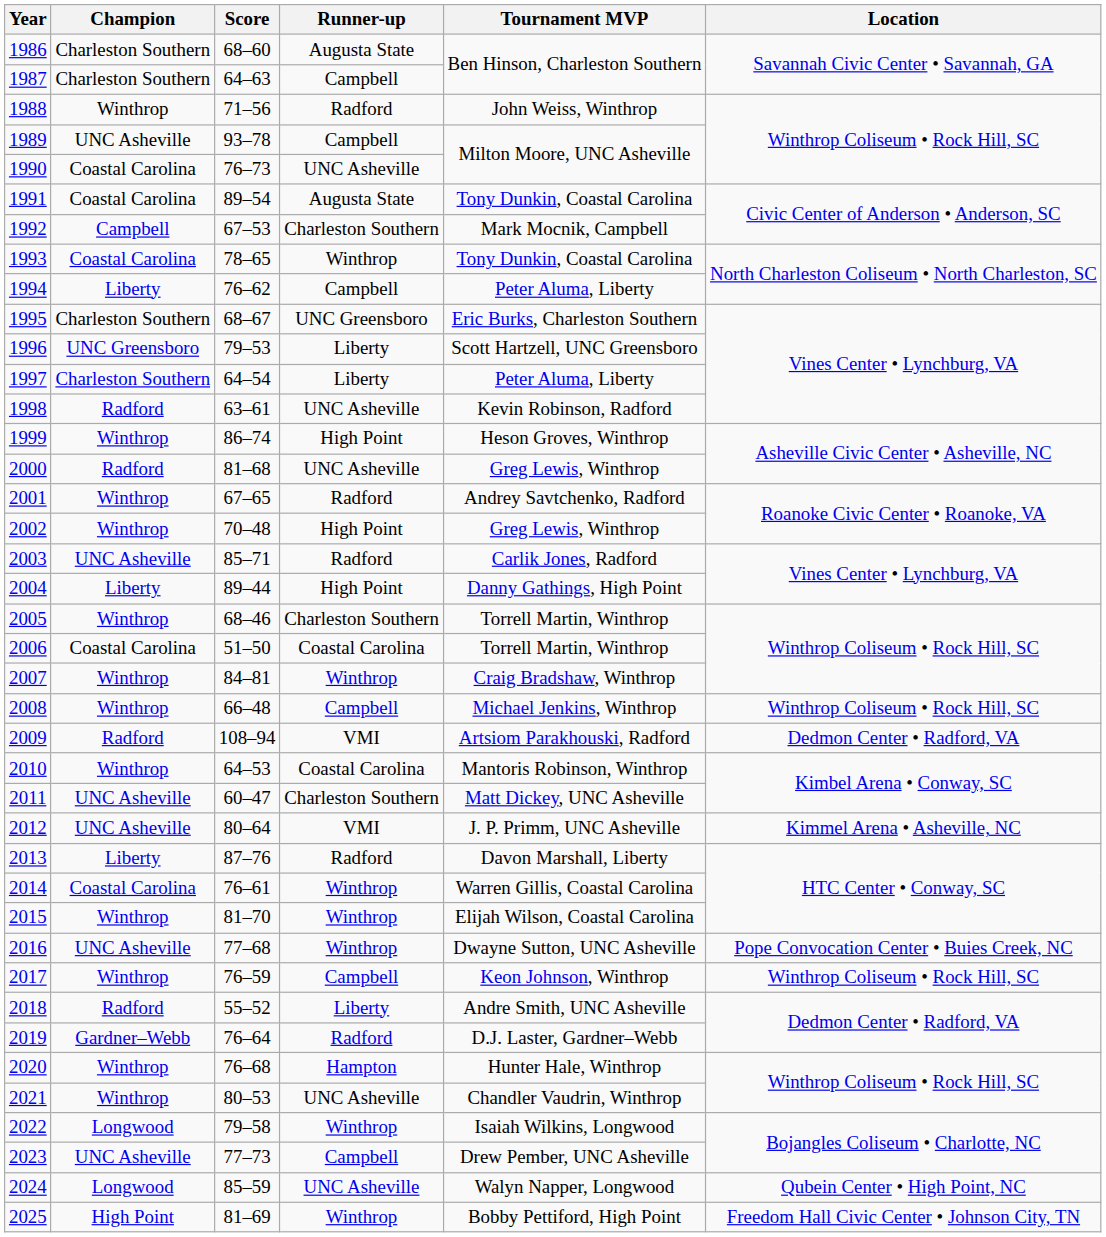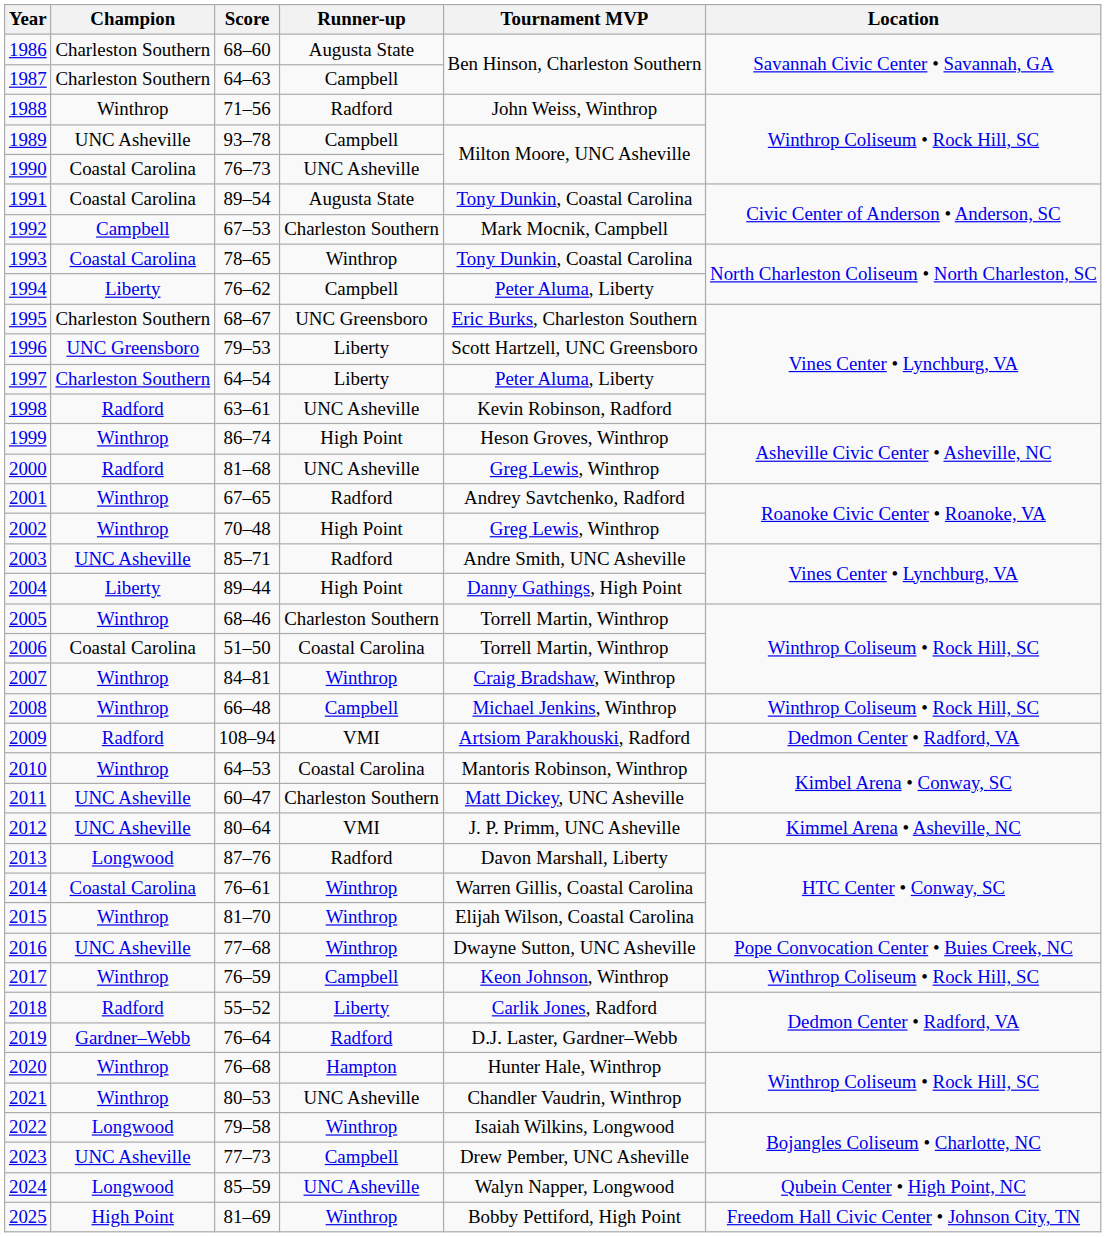 <table class="wikitable sortable" style="text-align:center">
 <tr>
 <th width=px>Year</th>
 <th width=px>Champion</th>
 <th width=px>Score</th>
 <th width=px>Runner-up</th>
 <th width=px>Tournament MVP</th>
 <th width=px>Location</th>
 </tr>
 <tr>
 <td><a href='#'>1986</a></td>
 <td>Charleston Southern</td>
 <td>68–60</td>
 <td>Augusta State</td>
 <td rowspan=2>Ben Hinson, Charleston Southern</td>
 <td rowspan=2><a href='#'>Savannah Civic Center</a> • <a href='#'>Savannah, GA</a></td>
 </tr>
 <tr>
 <td><a href='#'>1987</a></td>
 <td>Charleston Southern</td>
 <td>64–63</td>
 <td>Campbell</td>
 </tr>
 <tr>
 <td><a href='#'>1988</a></td>
 <td>Winthrop</td>
 <td>71–56</td>
 <td>Radford</td>
 <td>John Weiss, Winthrop</td>
 <td rowspan=3><a href='#'>Winthrop Coliseum</a> • <a href='#'>Rock Hill, SC</a></td>
 </tr>
 <tr>
 <td><a href='#'>1989</a></td>
 <td>UNC Asheville</td>
 <td>93–78</td>
 <td>Campbell</td>
 <td rowspan=2>Milton Moore, UNC Asheville</td>
 </tr>
 <tr>
 <td><a href='#'>1990</a></td>
 <td>Coastal Carolina</td>
 <td>76–73</td>
 <td>UNC Asheville</td>
 </tr>
 <tr>
 <td><a href='#'>1991</a></td>
 <td>Coastal Carolina</td>
 <td>89–54</td>
 <td>Augusta State</td>
 <td><a href='#'>Tony Dunkin</a>, Coastal Carolina</td>
 <td rowspan=2><a href='#'>Civic Center of Anderson</a> • <a href='#'>Anderson, SC</a></td>
 </tr>
 <tr>
 <td><a href='#'>1992</a></td>
 <td><a href='#'>Campbell</a></td>
 <td>67–53</td>
 <td>Charleston Southern</td>
 <td>Mark Mocnik, Campbell</td>
 </tr>
 <tr>
 <td><a href='#'>1993</a></td>
 <td><a href='#'>Coastal Carolina</a></td>
 <td>78–65</td>
 <td>Winthrop</td>
 <td><a href='#'>Tony Dunkin</a>, Coastal Carolina</td>
 <td rowspan=2><a href='#'>North Charleston Coliseum</a> • <a href='#'>North Charleston, SC</a></td>
 </tr>
 <tr>
 <td><a href='#'>1994</a></td>
 <td><a href='#'>Liberty</a></td>
 <td>76–62</td>
 <td>Campbell</td>
 <td><a href='#'>Peter Aluma</a>, Liberty</td>
 </tr>
 <tr>
 <td><a href='#'>1995</a></td>
 <td>Charleston Southern</td>
 <td>68–67</td>
 <td>UNC Greensboro</td>
 <td><a href='#'>Eric Burks</a>, Charleston Southern</td>
 <td rowspan=4><a href='#'>Vines Center</a> • <a href='#'>Lynchburg, VA</a></td>
 </tr>
 <tr>
 <td><a href='#'>1996</a></td>
 <td><a href='#'>UNC Greensboro</a></td>
 <td>79–53</td>
 <td>Liberty</td>
 <td>Scott Hartzell, UNC Greensboro</td>
 </tr>
 <tr>
 <td><a href='#'>1997</a></td>
 <td><a href='#'>Charleston Southern</a></td>
 <td>64–54</td>
 <td>Liberty</td>
 <td><a href='#'>Peter Aluma</a>, Liberty</td>
 </tr>
 <tr>
 <td><a href='#'>1998</a></td>
 <td><a href='#'>Radford</a></td>
 <td>63–61</td>
 <td>UNC Asheville</td>
 <td>Kevin Robinson, Radford</td>
 </tr>
 <tr>
 <td><a href='#'>1999</a></td>
 <td><a href='#'>Winthrop</a></td>
 <td>86–74</td>
 <td>High Point</td>
 <td>Heson Groves, Winthrop</td>
 <td rowspan=2><a href='#'>Asheville Civic Center</a> • <a href='#'>Asheville, NC</a></td>
 </tr>
 <tr>
 <td><a href='#'>2000</a></td>
 <td><a href='#'>Radford</a></td>
 <td>81–68</td>
 <td>UNC Asheville</td>
 <td><a href='#'>Greg Lewis</a>, Winthrop</td>
 </tr>
 <tr>
 <td><a href='#'>2001</a></td>
 <td><a href='#'>Winthrop</a></td>
 <td>67–65</td>
 <td>Radford</td>
 <td>Andrey Savtchenko, Radford</td>
 <td rowspan=2><a href='#'>Roanoke Civic Center</a> • <a href='#'>Roanoke, VA</a></td>
 </tr>
 <tr>
 <td><a href='#'>2002</a></td>
 <td><a href='#'>Winthrop</a></td>
 <td>70–48</td>
 <td>High Point</td>
 <td><a href='#'>Greg Lewis</a>, Winthrop</td>
 </tr>
 <tr>
 <td><a href='#'>2003</a></td>
 <td><a href='#'>UNC Asheville</a></td>
 <td>85–71</td>
 <td>Radford</td>
-<td><a href='#'>Carlik Jones</a>, Radford</td>
+<td>Andre Smith, UNC Asheville</td>
 <td rowspan=2><a href='#'>Vines Center</a> • <a href='#'>Lynchburg, VA</a></td>
 </tr>
 <tr>
 <td><a href='#'>2004</a></td>
 <td><a href='#'>Liberty</a></td>
 <td>89–44</td>
 <td>High Point</td>
 <td><a href='#'>Danny Gathings</a>, High Point</td>
 </tr>
 <tr>
 <td><a href='#'>2005</a></td>
 <td><a href='#'>Winthrop</a></td>
 <td>68–46</td>
 <td>Charleston Southern</td>
 <td>Torrell Martin, Winthrop</td>
 <td rowspan=3><a href='#'>Winthrop Coliseum</a> • <a href='#'>Rock Hill, SC</a></td>
 </tr>
 <tr>
 <td><a href='#'>2006</a></td>
 <td>Coastal Carolina</td>
 <td>51–50</td>
 <td>Coastal Carolina</td>
 <td>Torrell Martin, Winthrop</td>
 </tr>
 <tr>
 <td><a href='#'>2007</a></td>
 <td><a href='#'>Winthrop</a></td>
 <td>84–81</td>
 <td><a href='#'>Winthrop</a></td>
 <td><a href='#'>Craig Bradshaw</a>, Winthrop</td>
 </tr>
 <tr>
 <td><a href='#'>2008</a></td>
 <td><a href='#'>Winthrop</a></td>
 <td>66–48</td>
 <td><a href='#'>Campbell</a></td>
 <td><a href='#'>Michael Jenkins</a>, Winthrop</td>
 <td><a href='#'>Winthrop Coliseum</a> • <a href='#'>Rock Hill, SC</a></td>
 </tr>
 <tr>
 <td><a href='#'>2009</a></td>
 <td><a href='#'>Radford</a></td>
 <td>108–94</td>
 <td>VMI</td>
 <td><a href='#'>Artsiom Parakhouski</a>, Radford</td>
 <td><a href='#'>Dedmon Center</a> • <a href='#'>Radford, VA</a></td>
 </tr>
 <tr>
 <td><a href='#'>2010</a></td>
 <td><a href='#'>Winthrop</a></td>
 <td>64–53</td>
 <td>Coastal Carolina</td>
 <td>Mantoris Robinson, Winthrop</td>
 <td rowspan=2><a href='#'>Kimbel Arena</a> • <a href='#'>Conway, SC</a></td>
 </tr>
 <tr>
 <td><a href='#'>2011</a></td>
 <td><a href='#'>UNC Asheville</a></td>
 <td>60–47</td>
 <td>Charleston Southern</td>
 <td><a href='#'>Matt Dickey</a>, UNC Asheville</td>
 </tr>
 <tr>
 <td><a href='#'>2012</a></td>
 <td><a href='#'>UNC Asheville</a></td>
 <td>80–64</td>
 <td>VMI</td>
 <td>J. P. Primm, UNC Asheville</td>
 <td><a href='#'>Kimmel Arena</a> • <a href='#'>Asheville, NC</a></td>
 </tr>
 <tr>
 <td><a href='#'>2013</a></td>
-<td><a href='#'>Liberty</a></td>
+<td><a href='#'>Longwood</a></td>
 <td>87–76</td>
 <td>Radford</td>
 <td>Davon Marshall, Liberty</td>
 <td rowspan=3><a href='#'>HTC Center</a> • <a href='#'>Conway, SC</a></td>
 </tr>
 <tr>
 <td><a href='#'>2014</a></td>
 <td><a href='#'>Coastal Carolina</a></td>
 <td>76–61</td>
 <td><a href='#'>Winthrop</a></td>
 <td>Warren Gillis, Coastal Carolina</td>
 </tr>
 <tr>
 <td><a href='#'>2015</a></td>
 <td><a href='#'>Winthrop</a></td>
 <td>81–70</td>
 <td><a href='#'>Winthrop</a></td>
 <td>Elijah Wilson, Coastal Carolina</td>
 </tr>
 <tr>
 <td><a href='#'>2016</a></td>
 <td><a href='#'>UNC Asheville</a></td>
 <td>77–68</td>
 <td><a href='#'>Winthrop</a></td>
 <td>Dwayne Sutton, UNC Asheville</td>
 <td><a href='#'>Pope Convocation Center</a> • <a href='#'>Buies Creek, NC</a></td>
 </tr>
 <tr>
 <td><a href='#'>2017</a></td>
 <td><a href='#'>Winthrop</a></td>
 <td>76–59</td>
 <td><a href='#'>Campbell</a></td>
 <td><a href='#'>Keon Johnson</a>, Winthrop</td>
 <td><a href='#'>Winthrop Coliseum</a> • <a href='#'>Rock Hill, SC</a></td>
 </tr>
 <tr>
 <td><a href='#'>2018</a></td>
 <td><a href='#'>Radford</a></td>
 <td>55–52</td>
 <td><a href='#'>Liberty</a></td>
-<td>Andre Smith, UNC Asheville</td>
+<td><a href='#'>Carlik Jones</a>, Radford</td>
 <td rowspan=2><a href='#'>Dedmon Center</a> • <a href='#'>Radford, VA</a></td>
 </tr>
 <tr>
 <td><a href='#'>2019</a></td>
 <td><a href='#'>Gardner–Webb</a></td>
 <td>76–64</td>
 <td><a href='#'>Radford</a></td>
 <td>D.J. Laster, Gardner–Webb</td>
 </tr>
 <tr>
 <td><a href='#'>2020</a></td>
 <td><a href='#'>Winthrop</a></td>
 <td>76–68</td>
 <td><a href='#'>Hampton</a></td>
 <td>Hunter Hale, Winthrop</td>
 <td rowspan=2><a href='#'>Winthrop Coliseum</a> • <a href='#'>Rock Hill, SC</a></td>
 </tr>
 <tr>
 <td><a href='#'>2021</a></td>
 <td><a href='#'>Winthrop</a></td>
 <td>80–53</td>
 <td>UNC Asheville</td>
 <td>Chandler Vaudrin, Winthrop</td>
 </tr>
 <tr>
 <td><a href='#'>2022</a></td>
 <td><a href='#'>Longwood</a></td>
 <td>79–58</td>
 <td><a href='#'>Winthrop</a></td>
 <td>Isaiah Wilkins, Longwood</td>
 <td rowspan=2><a href='#'>Bojangles Coliseum</a> • <a href='#'>Charlotte, NC</a></td>
 </tr>
 <tr>
 <td><a href='#'>2023</a></td>
 <td><a href='#'>UNC Asheville</a></td>
 <td>77–73</td>
 <td><a href='#'>Campbell</a></td>
 <td>Drew Pember, UNC Asheville</td>
 </tr>
 <tr>
 <td><a href='#'>2024</a></td>
 <td><a href='#'>Longwood</a></td>
 <td>85–59</td>
 <td><a href='#'>UNC Asheville</a></td>
 <td>Walyn Napper, Longwood</td>
 <td><a href='#'>Qubein Center</a> • <a href='#'>High Point, NC</a></td>
 </tr>
 <tr>
 <td><a href='#'>2025</a></td>
 <td><a href='#'>High Point</a></td>
 <td>81–69</td>
 <td><a href='#'>Winthrop</a></td>
 <td>Bobby Pettiford, High Point</td>
 <td><a href='#'>Freedom Hall Civic Center</a> • <a href='#'>Johnson City, TN</a></td>
 </tr>
 </table>
